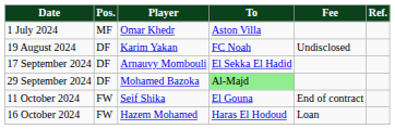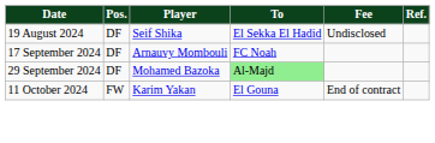 <table class="wikitable plainrowheaders sortable">
 <tr>
 <th style="background:#0b421c; color:#ffffff; ">Date</th>
 <th style="background:#0b421c; color:#ffffff; ">Pos.</th>
 <th style="background:#0b421c; color:#ffffff; ">Player</th>
 <th style="background:#0b421c; color:#ffffff; ">To</th>
 <th style="background:#0b421c; color:#ffffff; ">Fee</th>
 <th style="background:#0b421c; color:#ffffff; ">Ref.</th>
 </tr>
 <tr>
-<td>1 July 2024</td>
-<td>MF</td>
-<td> <a href='#'>Omar Khedr</a></td>
-<td> <a href='#'>Aston Villa</a></td>
-<td></td>
-<td></td>
-</tr>
-<tr>
 <td>19 August 2024</td>
 <td>DF</td>
-<td> <a href='#'>Karim Yakan</a></td>
-<td> <a href='#'>FC Noah</a></td>
+<td> <a href='#'>Seif Shika</a></td>
+<td> <a href='#'>El Sekka El Hadid</a></td>
 <td>Undisclosed</td>
 <td></td>
 </tr>
 <tr>
 <td>17 September 2024</td>
 <td>DF</td>
 <td> <a href='#'>Arnauvy Mombouli</a></td>
-<td> <a href='#'>El Sekka El Hadid</a></td>
+<td> <a href='#'>FC Noah</a></td>
 <td></td>
 <td></td>
 </tr>
 <tr>
 <td>29 September 2024</td>
 <td>DF</td>
 <td> <a href='#'>Mohamed Bazoka</a></td>
 <td style="background: lightgreen;"> Al-Majd</td>
 <td></td>
 <td></td>
 </tr>
 <tr>
 <td>11 October 2024</td>
 <td>FW</td>
-<td> <a href='#'>Seif Shika</a></td>
+<td> <a href='#'>Karim Yakan</a></td>
 <td> <a href='#'>El Gouna</a></td>
 <td>End of contract</td>
 <td></td>
 </tr>
-<tr>
-<td>16 October 2024</td>
-<td>FW</td>
-<td> <a href='#'>Hazem Mohamed</a></td>
-<td> <a href='#'>Haras El Hodoud</a></td>
-<td>Loan</td>
-<td></td>
-</tr>
 </table>
